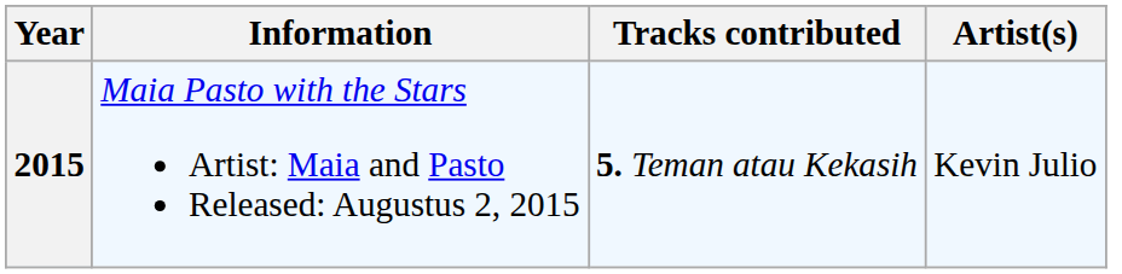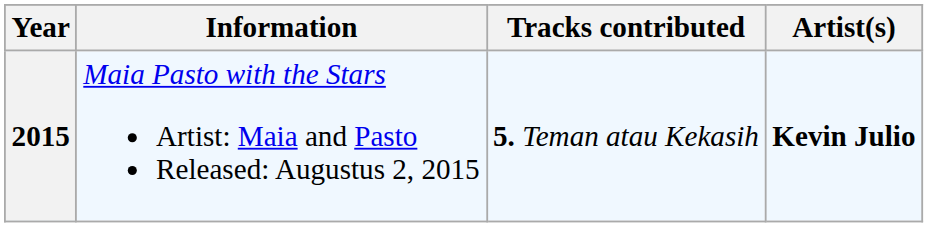 <table class="wikitable">
 <tr>
 <th>Year</th>
 <th>Information</th>
 <th>Tracks contributed</th>
 <th>Artist(s)</th>
 </tr>
 <tr style="background:#f0f8ff;">
 <th rowspan="2">2015</th>
 <td><em><a href='#'>Maia Pasto with the Stars</a></em><br><ul><li>Artist: <a href='#'>Maia</a> and <a href='#'>Pasto</a></li><li>Released: Augustus 2, 2015</li></ul></td>
 <td><strong>5.</strong> <em>Teman atau Kekasih</em></td>
-<td>Kevin Julio</td>
+<td><strong>Kevin Julio</strong></td>
 </tr>
 </table>
